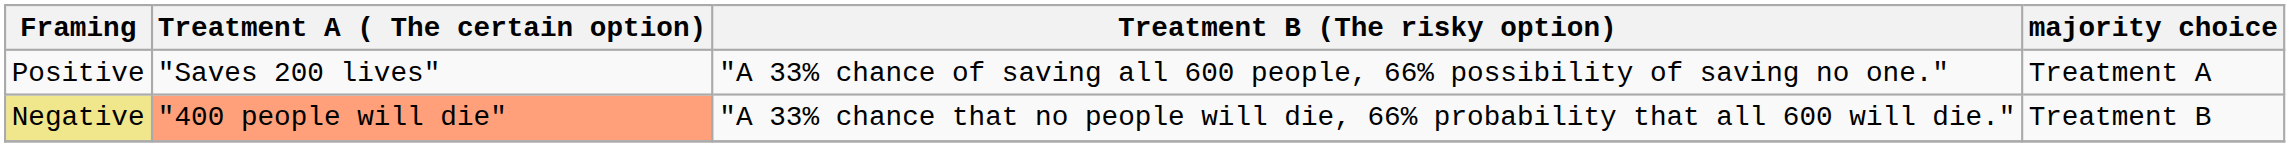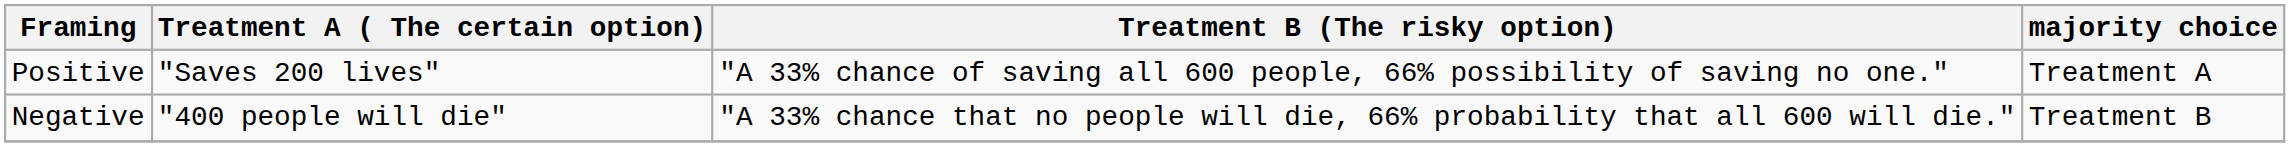 <table class="wikitable">
 <tr>
 <th>Framing</th>
 <th>Treatment A ( The certain option)</th>
 <th>Treatment B (The risky option)</th>
 <th>majority choice</th>
 </tr>
 <tr>
 <td>Positive</td>
 <td>"Saves 200 lives"</td>
 <td>"A 33% chance of saving all 600 people, 66% possibility of saving no one."</td>
 <td>Treatment A</td>
 </tr>
 <tr>
-<td style="background: khaki;">Negative</td>
-<td style="background: lightsalmon;">"400 people will die"</td>
+<td>Negative</td>
+<td>"400 people will die"</td>
 <td>"A 33% chance that no people will die, 66% probability that all 600 will die."</td>
 <td>Treatment B</td>
 </tr>
 <tr>
 </tr>
 </table>
